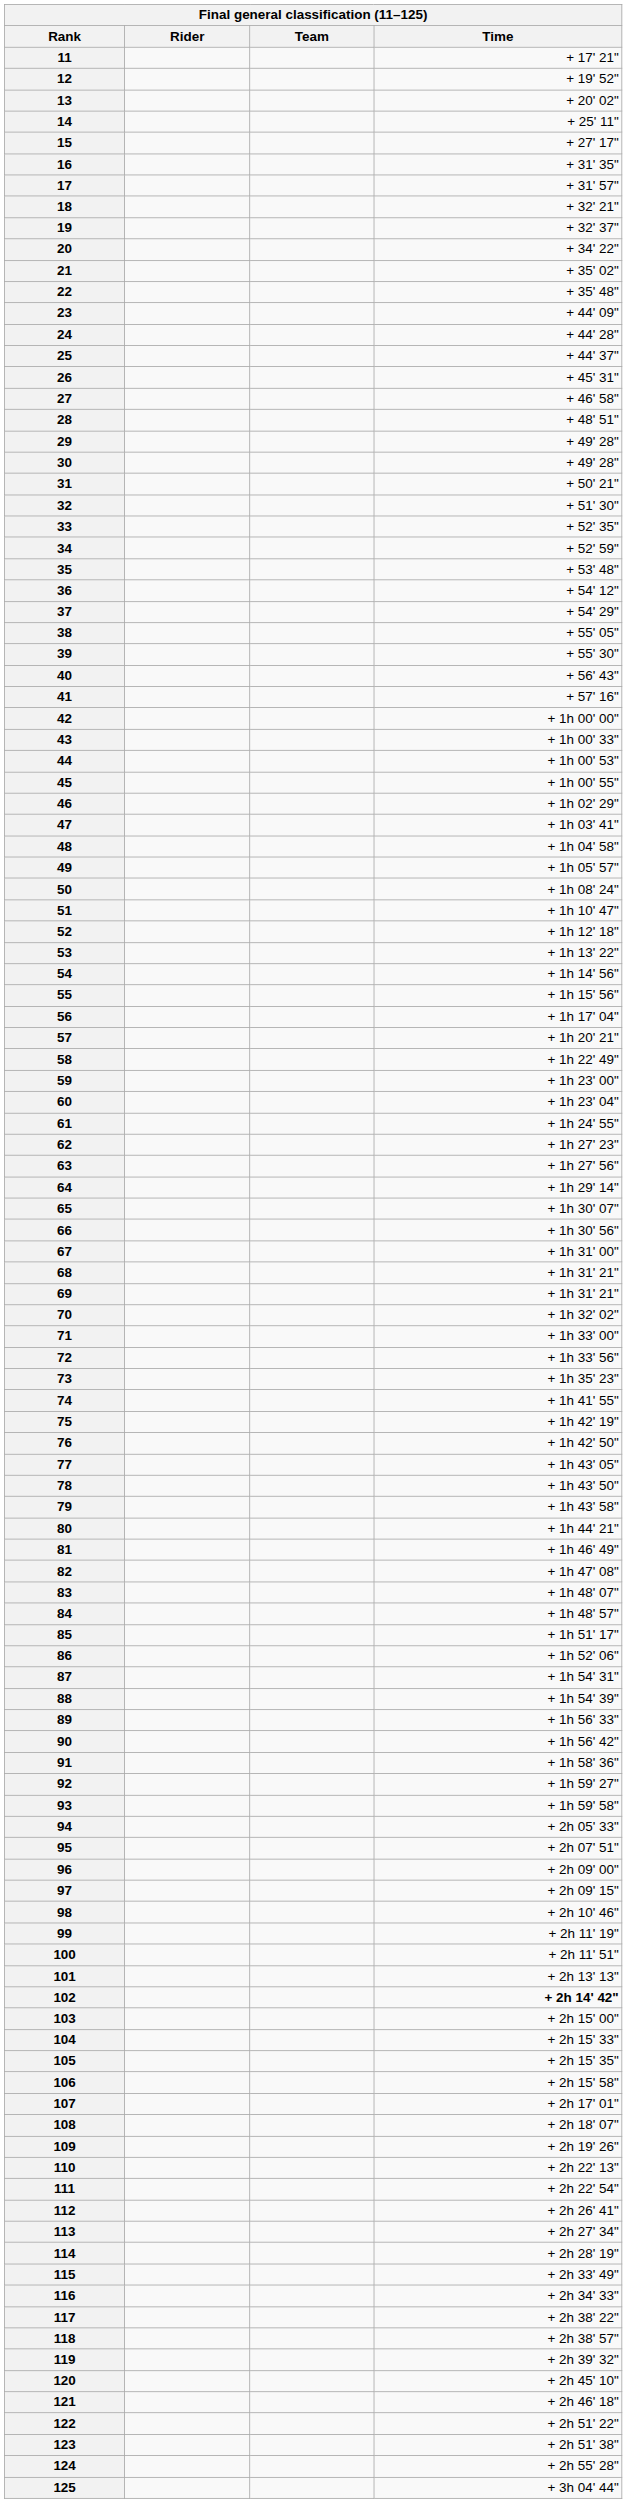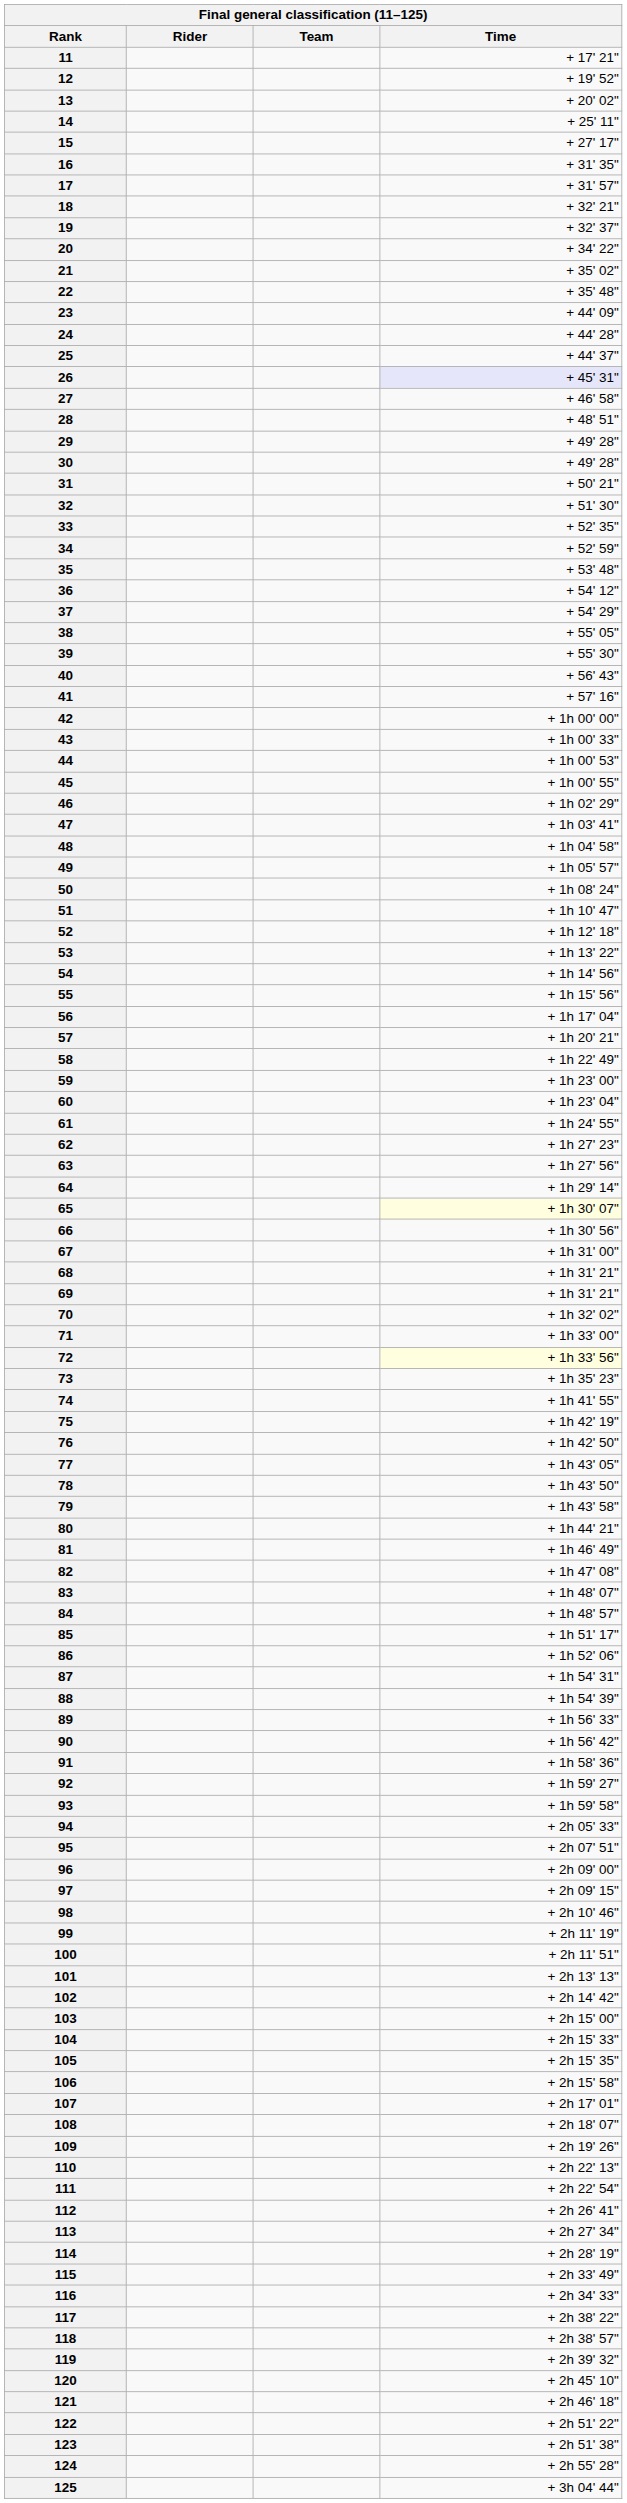 <table class="collapsible collapsed wikitable" style="width:46em;margin-top:-1px;">
 <tr>
 <th scope="col" colspan="4">Final general classification (11–125)</th>
 </tr>
 <tr>
 <th scope="col">Rank</th>
 <th scope="col">Rider</th>
 <th scope="col">Team</th>
 <th scope="col">Time</th>
 </tr>
 <tr>
 <th scope="row">11</th>
 <td></td>
 <td></td>
 <td style="text-align:right;">+ 17' 21"</td>
 </tr>
 <tr>
 <th scope="row">12</th>
 <td> </td>
 <td></td>
 <td style="text-align:right;">+ 19' 52"</td>
 </tr>
 <tr>
 <th scope="row">13</th>
 <td></td>
 <td></td>
 <td style="text-align:right;">+ 20' 02"</td>
 </tr>
 <tr>
 <th scope="row">14</th>
 <td></td>
 <td></td>
 <td style="text-align:right;">+ 25' 11"</td>
 </tr>
 <tr>
 <th scope="row">15</th>
 <td> </td>
 <td></td>
 <td style="text-align:right;">+ 27' 17"</td>
 </tr>
 <tr>
 <th scope="row">16</th>
 <td></td>
 <td></td>
 <td style="text-align:right;">+ 31' 35"</td>
 </tr>
 <tr>
 <th scope="row">17</th>
 <td></td>
 <td></td>
 <td style="text-align:right;">+ 31' 57"</td>
 </tr>
 <tr>
 <th scope="row">18</th>
 <td></td>
 <td></td>
 <td style="text-align:right;">+ 32' 21"</td>
 </tr>
 <tr>
 <th scope="row">19</th>
 <td></td>
 <td></td>
 <td style="text-align:right;">+ 32' 37"</td>
 </tr>
 <tr>
 <th scope="row">20</th>
 <td></td>
 <td></td>
 <td style="text-align:right;">+ 34' 22"</td>
 </tr>
 <tr>
 <th scope="row">21</th>
 <td></td>
 <td></td>
 <td style="text-align:right;">+ 35' 02"</td>
 </tr>
 <tr>
 <th scope="row">22</th>
 <td></td>
 <td></td>
 <td style="text-align:right;">+ 35' 48"</td>
 </tr>
 <tr>
 <th scope="row">23</th>
 <td></td>
 <td></td>
 <td style="text-align:right;">+ 44' 09"</td>
 </tr>
 <tr>
 <th scope="row">24</th>
 <td></td>
 <td></td>
 <td style="text-align:right;">+ 44' 28"</td>
 </tr>
 <tr>
 <th scope="row">25</th>
 <td></td>
 <td></td>
 <td style="text-align:right;">+ 44' 37"</td>
 </tr>
 <tr>
 <th scope="row">26</th>
 <td></td>
 <td></td>
-<td style="text-align:right;">+ 45' 31"</td>
+<td style="background: lavender; text-align:right;">+ 45' 31"</td>
 </tr>
 <tr>
 <th scope="row">27</th>
 <td></td>
 <td></td>
 <td style="text-align:right;">+ 46' 58"</td>
 </tr>
 <tr>
 <th scope="row">28</th>
 <td></td>
 <td></td>
 <td style="text-align:right;">+ 48' 51"</td>
 </tr>
 <tr>
 <th scope="row">29</th>
 <td></td>
 <td></td>
 <td style="text-align:right;">+ 49' 28"</td>
 </tr>
 <tr>
 <th scope="row">30</th>
 <td></td>
 <td></td>
 <td style="text-align:right;">+ 49' 28"</td>
 </tr>
 <tr>
 <th scope="row">31</th>
 <td></td>
 <td></td>
 <td style="text-align:right;">+ 50' 21"</td>
 </tr>
 <tr>
 <th scope="row">32</th>
 <td></td>
 <td></td>
 <td style="text-align:right;">+ 51' 30"</td>
 </tr>
 <tr>
 <th scope="row">33</th>
 <td></td>
 <td></td>
 <td style="text-align:right;">+ 52' 35"</td>
 </tr>
 <tr>
 <th scope="row">34</th>
 <td></td>
 <td></td>
 <td style="text-align:right;">+ 52' 59"</td>
 </tr>
 <tr>
 <th scope="row">35</th>
 <td></td>
 <td></td>
 <td style="text-align:right;">+ 53' 48"</td>
 </tr>
 <tr>
 <th scope="row">36</th>
 <td></td>
 <td></td>
 <td style="text-align:right;">+ 54' 12"</td>
 </tr>
 <tr>
 <th scope="row">37</th>
 <td></td>
 <td></td>
 <td style="text-align:right;">+ 54' 29"</td>
 </tr>
 <tr>
 <th scope="row">38</th>
 <td></td>
 <td></td>
 <td style="text-align:right;">+ 55' 05"</td>
 </tr>
 <tr>
 <th scope="row">39</th>
 <td></td>
 <td></td>
 <td style="text-align:right;">+ 55' 30"</td>
 </tr>
 <tr>
 <th scope="row">40</th>
 <td></td>
 <td></td>
 <td style="text-align:right;">+ 56' 43"</td>
 </tr>
 <tr>
 <th scope="row">41</th>
 <td></td>
 <td></td>
 <td style="text-align:right;">+ 57' 16"</td>
 </tr>
 <tr>
 <th scope="row">42</th>
 <td></td>
 <td></td>
 <td style="text-align:right;">+ 1h 00' 00"</td>
 </tr>
 <tr>
 <th scope="row">43</th>
 <td></td>
 <td></td>
 <td style="text-align:right;">+ 1h 00' 33"</td>
 </tr>
 <tr>
 <th scope="row">44</th>
 <td></td>
 <td></td>
 <td style="text-align:right;">+ 1h 00' 53"</td>
 </tr>
 <tr>
 <th scope="row">45</th>
 <td></td>
 <td></td>
 <td style="text-align:right;">+ 1h 00' 55"</td>
 </tr>
 <tr>
 <th scope="row">46</th>
 <td></td>
 <td></td>
 <td style="text-align:right;">+ 1h 02' 29"</td>
 </tr>
 <tr>
 <th scope="row">47</th>
 <td></td>
 <td></td>
 <td style="text-align:right;">+ 1h 03' 41"</td>
 </tr>
 <tr>
 <th scope="row">48</th>
 <td></td>
 <td></td>
 <td style="text-align:right;">+ 1h 04' 58"</td>
 </tr>
 <tr>
 <th scope="row">49</th>
 <td></td>
 <td></td>
 <td style="text-align:right;">+ 1h 05' 57"</td>
 </tr>
 <tr>
 <th scope="row">50</th>
 <td></td>
 <td></td>
 <td style="text-align:right;">+ 1h 08' 24"</td>
 </tr>
 <tr>
 <th scope="row">51</th>
 <td></td>
 <td></td>
 <td style="text-align:right;">+ 1h 10' 47"</td>
 </tr>
 <tr>
 <th scope="row">52</th>
 <td></td>
 <td></td>
 <td style="text-align:right;">+ 1h 12' 18"</td>
 </tr>
 <tr>
 <th scope="row">53</th>
 <td></td>
 <td></td>
 <td style="text-align:right;">+ 1h 13' 22"</td>
 </tr>
 <tr>
 <th scope="row">54</th>
 <td></td>
 <td></td>
 <td style="text-align:right;">+ 1h 14' 56"</td>
 </tr>
 <tr>
 <th scope="row">55</th>
 <td></td>
 <td></td>
 <td style="text-align:right;">+ 1h 15' 56"</td>
 </tr>
 <tr>
 <th scope="row">56</th>
 <td></td>
 <td></td>
 <td style="text-align:right;">+ 1h 17' 04"</td>
 </tr>
 <tr>
 <th scope="row">57</th>
 <td></td>
 <td></td>
 <td style="text-align:right;">+ 1h 20' 21"</td>
 </tr>
 <tr>
 <th scope="row">58</th>
 <td></td>
 <td></td>
 <td style="text-align:right;">+ 1h 22' 49"</td>
 </tr>
 <tr>
 <th scope="row">59</th>
 <td></td>
 <td></td>
 <td style="text-align:right;">+ 1h 23' 00"</td>
 </tr>
 <tr>
 <th scope="row">60</th>
 <td></td>
 <td></td>
 <td style="text-align:right;">+ 1h 23' 04"</td>
 </tr>
 <tr>
 <th scope="row">61</th>
 <td></td>
 <td></td>
 <td style="text-align:right;">+ 1h 24' 55"</td>
 </tr>
 <tr>
 <th scope="row">62</th>
 <td></td>
 <td></td>
 <td style="text-align:right;">+ 1h 27' 23"</td>
 </tr>
 <tr>
 <th scope="row">63</th>
 <td></td>
 <td></td>
 <td style="text-align:right;">+ 1h 27' 56"</td>
 </tr>
 <tr>
 <th scope="row">64</th>
 <td></td>
 <td></td>
 <td style="text-align:right;">+ 1h 29' 14"</td>
 </tr>
 <tr>
 <th scope="row">65</th>
 <td></td>
 <td></td>
-<td style="text-align:right;">+ 1h 30' 07"</td>
+<td style="background: lightyellow; text-align:right;">+ 1h 30' 07"</td>
 </tr>
 <tr>
 <th scope="row">66</th>
 <td></td>
 <td></td>
 <td style="text-align:right;">+ 1h 30' 56"</td>
 </tr>
 <tr>
 <th scope="row">67</th>
 <td></td>
 <td></td>
 <td style="text-align:right;">+ 1h 31' 00"</td>
 </tr>
 <tr>
 <th scope="row">68</th>
 <td></td>
 <td></td>
 <td style="text-align:right;">+ 1h 31' 21"</td>
 </tr>
 <tr>
 <th scope="row">69</th>
 <td></td>
 <td></td>
 <td style="text-align:right;">+ 1h 31' 21"</td>
 </tr>
 <tr>
 <th scope="row">70</th>
 <td></td>
 <td></td>
 <td style="text-align:right;">+ 1h 32' 02"</td>
 </tr>
 <tr>
 <th scope="row">71</th>
 <td></td>
 <td></td>
 <td style="text-align:right;">+ 1h 33' 00"</td>
 </tr>
 <tr>
 <th scope="row">72</th>
 <td></td>
 <td></td>
-<td style="text-align:right;">+ 1h 33' 56"</td>
+<td style="background: lightyellow; text-align:right;">+ 1h 33' 56"</td>
 </tr>
 <tr>
 <th scope="row">73</th>
 <td></td>
 <td></td>
 <td style="text-align:right;">+ 1h 35' 23"</td>
 </tr>
 <tr>
 <th scope="row">74</th>
 <td></td>
 <td></td>
 <td style="text-align:right;">+ 1h 41' 55"</td>
 </tr>
 <tr>
 <th scope="row">75</th>
 <td></td>
 <td></td>
 <td style="text-align:right;">+ 1h 42' 19"</td>
 </tr>
 <tr>
 <th scope="row">76</th>
 <td></td>
 <td></td>
 <td style="text-align:right;">+ 1h 42' 50"</td>
 </tr>
 <tr>
 <th scope="row">77</th>
 <td></td>
 <td></td>
 <td style="text-align:right;">+ 1h 43' 05"</td>
 </tr>
 <tr>
 <th scope="row">78</th>
 <td></td>
 <td></td>
 <td style="text-align:right;">+ 1h 43' 50"</td>
 </tr>
 <tr>
 <th scope="row">79</th>
 <td></td>
 <td></td>
 <td style="text-align:right;">+ 1h 43' 58"</td>
 </tr>
 <tr>
 <th scope="row">80</th>
 <td></td>
 <td></td>
 <td style="text-align:right;">+ 1h 44' 21"</td>
 </tr>
 <tr>
 <th scope="row">81</th>
 <td></td>
 <td></td>
 <td style="text-align:right;">+ 1h 46' 49"</td>
 </tr>
 <tr>
 <th scope="row">82</th>
 <td></td>
 <td></td>
 <td style="text-align:right;">+ 1h 47' 08"</td>
 </tr>
 <tr>
 <th scope="row">83</th>
 <td></td>
 <td></td>
 <td style="text-align:right;">+ 1h 48' 07"</td>
 </tr>
 <tr>
 <th scope="row">84</th>
 <td></td>
 <td></td>
 <td style="text-align:right;">+ 1h 48' 57"</td>
 </tr>
 <tr>
 <th scope="row">85</th>
 <td></td>
 <td></td>
 <td style="text-align:right;">+ 1h 51' 17"</td>
 </tr>
 <tr>
 <th scope="row">86</th>
 <td></td>
 <td></td>
 <td style="text-align:right;">+ 1h 52' 06"</td>
 </tr>
 <tr>
 <th scope="row">87</th>
 <td></td>
 <td></td>
 <td style="text-align:right;">+ 1h 54' 31"</td>
 </tr>
 <tr>
 <th scope="row">88</th>
 <td></td>
 <td></td>
 <td style="text-align:right;">+ 1h 54' 39"</td>
 </tr>
 <tr>
 <th scope="row">89</th>
 <td></td>
 <td></td>
 <td style="text-align:right;">+ 1h 56' 33"</td>
 </tr>
 <tr>
 <th scope="row">90</th>
 <td></td>
 <td></td>
 <td style="text-align:right;">+ 1h 56' 42"</td>
 </tr>
 <tr>
 <th scope="row">91</th>
 <td></td>
 <td></td>
 <td style="text-align:right;">+ 1h 58' 36"</td>
 </tr>
 <tr>
 <th scope="row">92</th>
 <td></td>
 <td></td>
 <td style="text-align:right;">+ 1h 59' 27"</td>
 </tr>
 <tr>
 <th scope="row">93</th>
 <td></td>
 <td></td>
 <td style="text-align:right;">+ 1h 59' 58"</td>
 </tr>
 <tr>
 <th scope="row">94</th>
 <td></td>
 <td></td>
 <td style="text-align:right;">+ 2h 05' 33"</td>
 </tr>
 <tr>
 <th scope="row">95</th>
 <td></td>
 <td></td>
 <td style="text-align:right;">+ 2h 07' 51"</td>
 </tr>
 <tr>
 <th scope="row">96</th>
 <td></td>
 <td></td>
 <td style="text-align:right;">+ 2h 09' 00"</td>
 </tr>
 <tr>
 <th scope="row">97</th>
 <td></td>
 <td></td>
 <td style="text-align:right;">+ 2h 09' 15"</td>
 </tr>
 <tr>
 <th scope="row">98</th>
 <td></td>
 <td></td>
 <td style="text-align:right;">+ 2h 10' 46"</td>
 </tr>
 <tr>
 <th scope="row">99</th>
 <td></td>
 <td></td>
 <td style="text-align:right;">+ 2h 11' 19"</td>
 </tr>
 <tr>
 <th scope="row">100</th>
 <td></td>
 <td></td>
 <td style="text-align:right;">+ 2h 11' 51"</td>
 </tr>
 <tr>
 <th scope="row">101</th>
 <td></td>
 <td></td>
 <td style="text-align:right;">+ 2h 13' 13"</td>
 </tr>
 <tr>
 <th scope="row">102</th>
 <td></td>
 <td></td>
-<td style="text-align:right;"><strong>+ 2h 14' 42"</strong></td>
+<td style="text-align:right;">+ 2h 14' 42"</td>
 </tr>
 <tr>
 <th scope="row">103</th>
 <td></td>
 <td></td>
 <td style="text-align:right;">+ 2h 15' 00"</td>
 </tr>
 <tr>
 <th scope="row">104</th>
 <td></td>
 <td></td>
 <td style="text-align:right;">+ 2h 15' 33"</td>
 </tr>
 <tr>
 <th scope="row">105</th>
 <td></td>
 <td></td>
 <td style="text-align:right;">+ 2h 15' 35"</td>
 </tr>
 <tr>
 <th scope="row">106</th>
 <td></td>
 <td></td>
 <td style="text-align:right;">+ 2h 15' 58"</td>
 </tr>
 <tr>
 <th scope="row">107</th>
 <td></td>
 <td></td>
 <td style="text-align:right;">+ 2h 17' 01"</td>
 </tr>
 <tr>
 <th scope="row">108</th>
 <td></td>
 <td></td>
 <td style="text-align:right;">+ 2h 18' 07"</td>
 </tr>
 <tr>
 <th scope="row">109</th>
 <td></td>
 <td></td>
 <td style="text-align:right;">+ 2h 19' 26"</td>
 </tr>
 <tr>
 <th scope="row">110</th>
 <td></td>
 <td></td>
 <td style="text-align:right;">+ 2h 22' 13"</td>
 </tr>
 <tr>
 <th scope="row">111</th>
 <td></td>
 <td></td>
 <td style="text-align:right;">+ 2h 22' 54"</td>
 </tr>
 <tr>
 <th scope="row">112</th>
 <td></td>
 <td></td>
 <td style="text-align:right;">+ 2h 26' 41"</td>
 </tr>
 <tr>
 <th scope="row">113</th>
 <td></td>
 <td></td>
 <td style="text-align:right;">+ 2h 27' 34"</td>
 </tr>
 <tr>
 <th scope="row">114</th>
 <td></td>
 <td></td>
 <td style="text-align:right;">+ 2h 28' 19"</td>
 </tr>
 <tr>
 <th scope="row">115</th>
 <td></td>
 <td></td>
 <td style="text-align:right;">+ 2h 33' 49"</td>
 </tr>
 <tr>
 <th scope="row">116</th>
 <td></td>
 <td></td>
 <td style="text-align:right;">+ 2h 34' 33"</td>
 </tr>
 <tr>
 <th scope="row">117</th>
 <td></td>
 <td></td>
 <td style="text-align:right;">+ 2h 38' 22"</td>
 </tr>
 <tr>
 <th scope="row">118</th>
 <td></td>
 <td></td>
 <td style="text-align:right;">+ 2h 38' 57"</td>
 </tr>
 <tr>
 <th scope="row">119</th>
 <td></td>
 <td></td>
 <td style="text-align:right;">+ 2h 39' 32"</td>
 </tr>
 <tr>
 <th scope="row">120</th>
 <td></td>
 <td></td>
 <td style="text-align:right;">+ 2h 45' 10"</td>
 </tr>
 <tr>
 <th scope="row">121</th>
 <td></td>
 <td></td>
 <td style="text-align:right;">+ 2h 46' 18"</td>
 </tr>
 <tr>
 <th scope="row">122</th>
 <td></td>
 <td></td>
 <td style="text-align:right;">+ 2h 51' 22"</td>
 </tr>
 <tr>
 <th scope="row">123</th>
 <td></td>
 <td></td>
 <td style="text-align:right;">+ 2h 51' 38"</td>
 </tr>
 <tr>
 <th scope="row">124</th>
 <td></td>
 <td></td>
 <td style="text-align:right;">+ 2h 55' 28"</td>
 </tr>
 <tr>
 <th scope="row">125</th>
 <td></td>
 <td></td>
 <td style="text-align:right;">+ 3h 04' 44"</td>
 </tr>
 </table>
